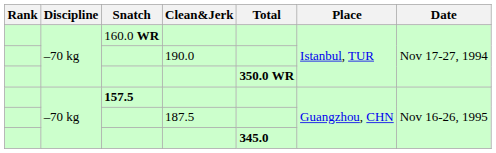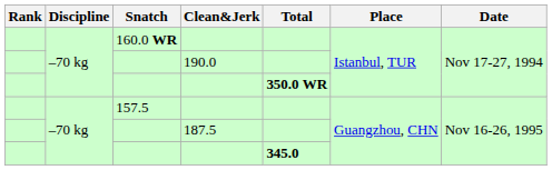 <table class="wikitable">
 <tr>
 <th>Rank</th>
 <th>Discipline</th>
 <th>Snatch</th>
 <th>Clean&Jerk</th>
 <th>Total</th>
 <th>Place</th>
 <th>Date</th>
 </tr>
 <tr bgcolor=#CCFFCC>
 <td></td>
 <td rowspan=3>–70 kg</td>
 <td>160.0 <strong>WR</strong></td>
 <td></td>
 <td></td>
 <td rowspan=3><a href='#'>Istanbul</a>, <a href='#'>TUR</a></td>
 <td rowspan=3>Nov 17-27, 1994</td>
 </tr>
 <tr bgcolor=#CCFFCC>
 <td></td>
 <td></td>
 <td>190.0</td>
 <td></td>
 </tr>
 <tr bgcolor=#CCFFCC>
 <td><strong></strong></td>
 <td></td>
 <td></td>
 <td><strong>350.0</strong> <strong>WR</strong></td>
 </tr>
 <tr bgcolor=#CCFFCC>
 <td></td>
 <td rowspan=3>–70 kg</td>
-<td><strong>157.5</strong></td>
+<td>157.5</td>
 <td></td>
 <td></td>
 <td rowspan=3><a href='#'>Guangzhou</a>, <a href='#'>CHN</a></td>
 <td rowspan=3>Nov 16-26, 1995</td>
 </tr>
 <tr bgcolor=#CCFFCC>
 <td></td>
 <td></td>
 <td>187.5</td>
 <td></td>
 </tr>
 <tr bgcolor=#CCFFCC>
 <td><strong></strong></td>
 <td></td>
 <td></td>
 <td><strong>345.0</strong></td>
 </tr>
 </table>
